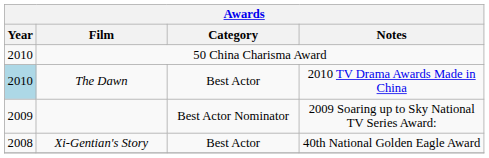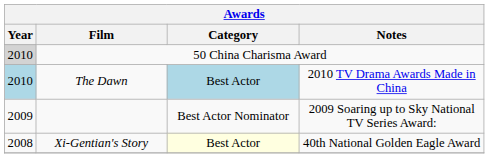 <table class="wikitable">
 <tr>
 <th colspan="6" align="center"><a href='#'>Awards</a></th>
 </tr>
 <tr>
 <th width="33">Year</th>
 <th width="200">Film</th>
 <th width="200">Category</th>
 <th width="300">Notes</th>
 </tr>
 <tr>
-<td align="center">2010</td>
+<td align="center" style="background: lightgrey;">2010</td>
 <td align="center" colspan="3">50 China Charisma Award</td>
 </tr>
 <tr>
 <td align="center" style="background: lightblue;">2010</td>
 <td align="center"><em>The Dawn</em></td>
-<td align="center">Best Actor</td>
+<td align="center" style="background: lightblue;">Best Actor</td>
 <td align="center">2010 <a href='#'>TV Drama Awards Made in China</a></td>
 </tr>
 <tr>
 <td align="center">2009</td>
 <td align="center"></td>
 <td align="center">Best Actor Nominator</td>
 <td align="center">2009 Soaring up to Sky National TV Series Award:</td>
 </tr>
 <tr>
 <td align="center">2008</td>
 <td align="center"><em>Xi-Gentian's Story</em></td>
-<td align="center">Best Actor</td>
+<td align="center" style="background: lightyellow;">Best Actor</td>
 <td align="center">40th National Golden Eagle Award</td>
 </tr>
 <tr>
 </tr>
 </table>
